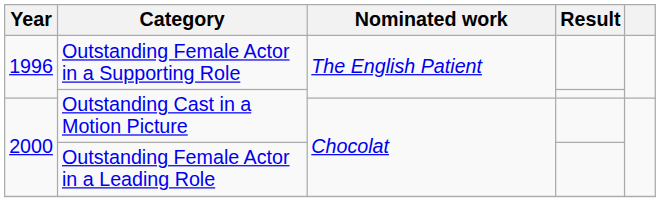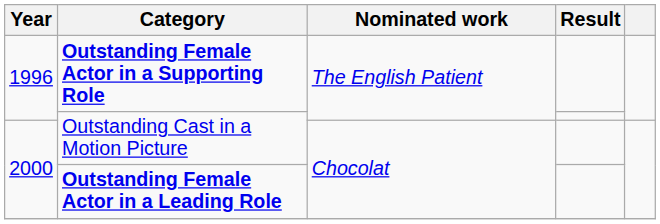 <table class="wikitable" style="width:85%;">
 <tr>
 <th width=5%>Year</th>
 <th style="width:40%;">Category</th>
 <th style="width:40%;">Nominated work</th>
 <th style="width:10%;">Result</th>
 <th width=5%></th>
 </tr>
 <tr>
 <td rowspan="2"><a href='#'>1996</a></td>
-<td><a href='#'>Outstanding Female Actor in a Supporting Role</a></td>
+<td><strong><a href='#'>Outstanding Female Actor in a Supporting Role</a></strong></td>
 <td rowspan="2"><em><a href='#'>The English Patient</a></em></td>
 <td></td>
 <td rowspan="2"></td>
 </tr>
 <tr>
 <td rowspan="2"><a href='#'>Outstanding Cast in a Motion Picture</a></td>
 <td></td>
 </tr>
 <tr>
 <td rowspan="2"><a href='#'>2000</a></td>
 <td rowspan="2"><em><a href='#'>Chocolat</a></em></td>
 <td></td>
 <td rowspan="2"></td>
 </tr>
 <tr>
-<td><a href='#'>Outstanding Female Actor in a Leading Role</a></td>
+<td><strong><a href='#'>Outstanding Female Actor in a Leading Role</a></strong></td>
 <td></td>
 </tr>
 <tr>
 </tr>
 </table>
